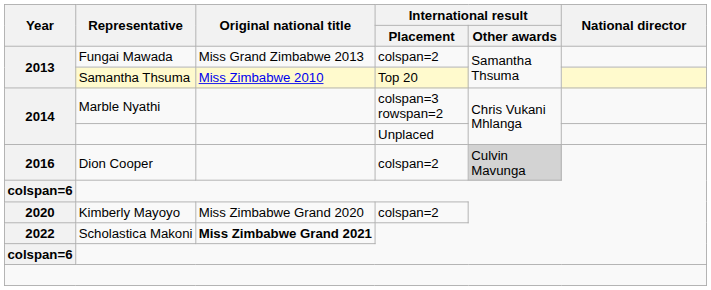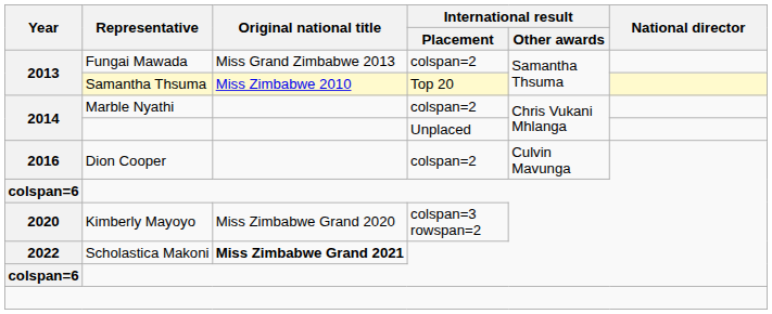 <table class="wikitable defaultcenter col2left" style="font-size:95%;">
 <tr>
 <th rowspan=2>Year</th>
 <th rowspan=2>Representative</th>
 <th rowspan=2>Original national title</th>
 <th colspan=2>International result</th>
 <th width=160px rowspan=2>National director</th>
 </tr>
 <tr>
 <th width=100px>Placement</th>
 <th width=100px>Other awards</th>
 </tr>
 <tr>
 <th rowspan="2">2013</th>
 <td>Fungai Mawada</td>
 <td>Miss Grand Zimbabwe 2013</td>
 <td>colspan=2 </td>
 <td rowspan=2>Samantha Thsuma</td>
 </tr>
 <tr bgcolor=#FFFACD>
 <td>Samantha Thsuma</td>
 <td><a href='#'>Miss Zimbabwe 2010</a></td>
 <td>Top 20</td>
 <td></td>
 </tr>
 <tr>
 <th rowspan="2">2014</th>
 <td>Marble Nyathi</td>
 <td></td>
-<td>colspan=3 rowspan=2 </td>
+<td>colspan=2 </td>
 <td rowspan=2>Chris Vukani Mhlanga</td>
 </tr>
 <tr>
 <td></td>
 <td></td>
 <td>Unplaced</td>
 <td></td>
 </tr>
 <tr>
 <th>2016</th>
 <td>Dion Cooper</td>
 <td></td>
 <td>colspan=2 </td>
-<td style="background: lightgrey;">Culvin Mavunga</td>
+<td>Culvin Mavunga</td>
 </tr>
 <tr>
 <th>colspan=6 </th>
 </tr>
 <tr>
 <th>2020</th>
 <td>Kimberly Mayoyo</td>
 <td>Miss Zimbabwe Grand 2020</td>
-<td>colspan=2 </td>
+<td>colspan=3 rowspan=2 </td>
 </tr>
 <tr>
 <th>2022</th>
 <td>Scholastica Makoni</td>
 <td><strong>Miss Zimbabwe Grand 2021</strong></td>
 </tr>
 <tr>
 <th>colspan=6 </th>
 </tr>
 <tr>
 <td colspan="6"><br></td>
 </tr>
 </table>
